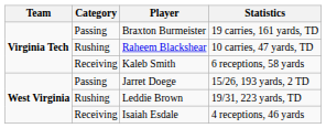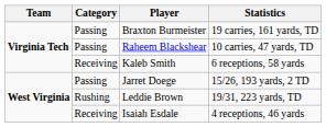 <table class="wikitable" style="float: right;">
 <tr>
 <th>Team</th>
 <th>Category</th>
 <th>Player</th>
 <th>Statistics</th>
 </tr>
 <tr>
 <td rowspan=3><strong>Virginia Tech</strong></td>
 <td>Passing</td>
 <td>Braxton Burmeister</td>
 <td>19 carries, 161 yards, TD</td>
 </tr>
 <tr>
-<td>Rushing</td>
+<td>Passing</td>
 <td><a href='#'>Raheem Blackshear</a></td>
 <td>10 carries, 47 yards, TD</td>
 </tr>
 <tr>
 <td>Receiving</td>
 <td>Kaleb Smith</td>
 <td>6 receptions, 58 yards</td>
 </tr>
 <tr>
 <td rowspan=3><strong>West Virginia</strong></td>
 <td>Passing</td>
 <td>Jarret Doege</td>
 <td>15/26, 193 yards, 2 TD</td>
 </tr>
 <tr>
 <td>Rushing</td>
 <td>Leddie Brown</td>
 <td>19/31, 223 yards, TD</td>
 </tr>
 <tr>
 <td>Receiving</td>
 <td>Isaiah Esdale</td>
 <td>4 receptions, 46 yards</td>
 </tr>
 </table>
